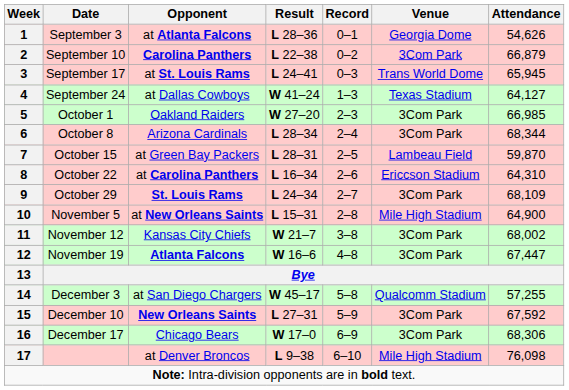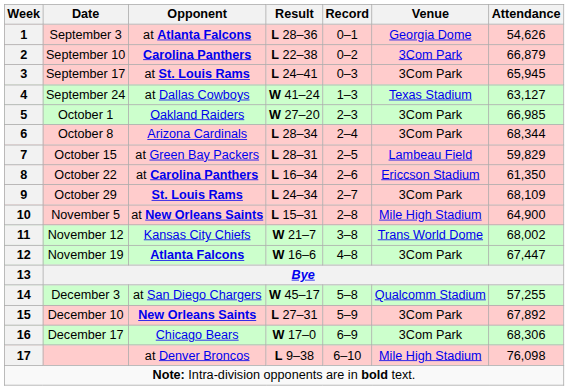 <table class="wikitable" style="text-align:center;">
 <tr>
 <th>Week</th>
 <th>Date</th>
 <th>Opponent</th>
 <th>Result</th>
 <th>Record</th>
 <th>Venue</th>
 <th>Attendance</th>
 </tr>
 <tr style="background:#fcc">
 <th>1</th>
 <td>September 3</td>
 <td>at <strong><a href='#'>Atlanta Falcons</a></strong></td>
 <td><strong>L</strong> 28–36</td>
 <td>0–1</td>
 <td><a href='#'>Georgia Dome</a></td>
 <td>54,626</td>
 </tr>
 <tr style="background:#fcc">
 <th>2</th>
 <td>September 10</td>
 <td><strong><a href='#'>Carolina Panthers</a></strong></td>
 <td><strong>L</strong> 22–38</td>
 <td>0–2</td>
 <td><a href='#'>3Com Park</a></td>
 <td>66,879</td>
 </tr>
 <tr style="background:#fcc">
 <th>3</th>
 <td>September 17</td>
 <td>at <strong><a href='#'>St. Louis Rams</a></strong></td>
 <td><strong>L</strong> 24–41</td>
 <td>0–3</td>
-<td><a href='#'>Trans World Dome</a></td>
+<td>3Com Park</td>
 <td>65,945</td>
 </tr>
 <tr style="background:#cfc">
 <th>4</th>
 <td>September 24</td>
 <td>at <a href='#'>Dallas Cowboys</a></td>
 <td><strong>W</strong> 41–24</td>
 <td>1–3</td>
 <td><a href='#'>Texas Stadium</a></td>
-<td>64,127</td>
+<td>63,127</td>
 </tr>
 <tr style="background:#cfc">
 <th>5</th>
 <td>October 1</td>
 <td><a href='#'>Oakland Raiders</a></td>
 <td><strong>W</strong> 27–20</td>
 <td>2–3</td>
 <td>3Com Park</td>
 <td>66,985</td>
 </tr>
 <tr style="background:#fcc">
 <th>6</th>
 <td>October 8</td>
 <td><a href='#'>Arizona Cardinals</a></td>
 <td><strong>L</strong> 28–34 </td>
 <td>2–4</td>
 <td>3Com Park</td>
 <td>68,344</td>
 </tr>
 <tr style="background:#fcc">
 <th>7</th>
 <td>October 15</td>
 <td>at <a href='#'>Green Bay Packers</a></td>
 <td><strong>L</strong> 28–31</td>
 <td>2–5</td>
 <td><a href='#'>Lambeau Field</a></td>
-<td>59,870</td>
+<td>59,829</td>
 </tr>
 <tr style="background:#fcc">
 <th>8</th>
 <td>October 22</td>
 <td>at <strong><a href='#'>Carolina Panthers</a></strong></td>
 <td><strong>L</strong> 16–34</td>
 <td>2–6</td>
 <td><a href='#'>Ericcson Stadium</a></td>
-<td>64,310</td>
+<td>61,350</td>
 </tr>
 <tr style="background:#fcc">
 <th>9</th>
 <td>October 29</td>
 <td><strong><a href='#'>St. Louis Rams</a></strong></td>
 <td><strong>L</strong> 24–34</td>
 <td>2–7</td>
 <td>3Com Park</td>
 <td>68,109</td>
 </tr>
 <tr style="background:#fcc">
 <th>10</th>
 <td>November 5</td>
 <td>at <strong><a href='#'>New Orleans Saints</a></strong></td>
 <td><strong>L</strong> 15–31</td>
 <td>2–8</td>
 <td><a href='#'>Mile High Stadium</a></td>
 <td>64,900</td>
 </tr>
 <tr style="background:#cfc">
 <th>11</th>
 <td>November 12</td>
 <td><a href='#'>Kansas City Chiefs</a></td>
 <td><strong>W</strong> 21–7</td>
 <td>3–8</td>
-<td>3Com Park</td>
+<td><a href='#'>Trans World Dome</a></td>
 <td>68,002</td>
 </tr>
 <tr style="background:#cfc">
 <th>12</th>
 <td>November 19</td>
 <td><strong><a href='#'>Atlanta Falcons</a></strong></td>
 <td><strong>W</strong> 16–6</td>
 <td>4–8</td>
 <td>3Com Park</td>
 <td>67,447</td>
 </tr>
 <tr>
 <th>13</th>
 <th colspan=6 align=center><em><a href='#'>Bye</a></em></th>
 </tr>
 <tr style="background:#cfc">
 <th>14</th>
 <td>December 3</td>
 <td>at <a href='#'>San Diego Chargers</a></td>
 <td><strong>W</strong> 45–17</td>
 <td>5–8</td>
 <td><a href='#'>Qualcomm Stadium</a></td>
 <td>57,255</td>
 </tr>
 <tr style="background:#fcc">
 <th>15</th>
 <td>December 10</td>
 <td><strong><a href='#'>New Orleans Saints</a></strong></td>
 <td><strong>L</strong> 27–31</td>
 <td>5–9</td>
 <td>3Com Park</td>
-<td>67,592</td>
+<td>67,892</td>
 </tr>
 <tr style="background:#cfc">
 <th>16</th>
 <td>December 17</td>
 <td><a href='#'>Chicago Bears</a></td>
 <td><strong>W</strong> 17–0</td>
 <td>6–9</td>
 <td>3Com Park</td>
 <td>68,306</td>
 </tr>
 <tr style="background:#fcc">
 <th>17</th>
 <td></td>
 <td>at <a href='#'>Denver Broncos</a></td>
 <td><strong>L</strong> 9–38</td>
 <td>6–10</td>
 <td><a href='#'>Mile High Stadium</a></td>
 <td>76,098</td>
 </tr>
 <tr>
 <td colspan="8"><strong>Note:</strong> Intra-division opponents are in <strong>bold</strong> text.</td>
 </tr>
 </table>
